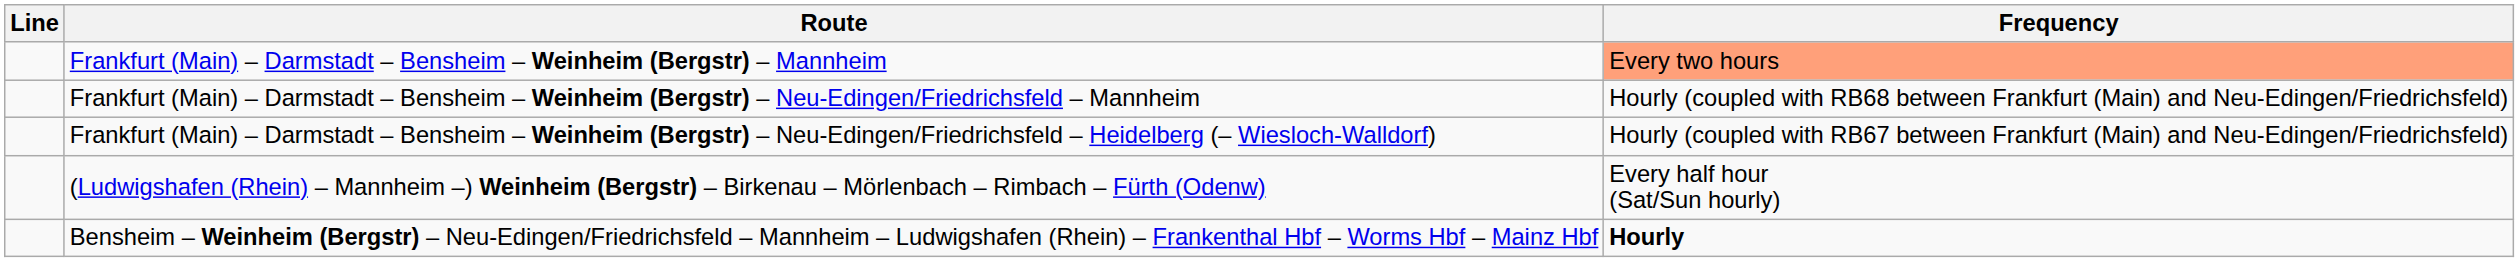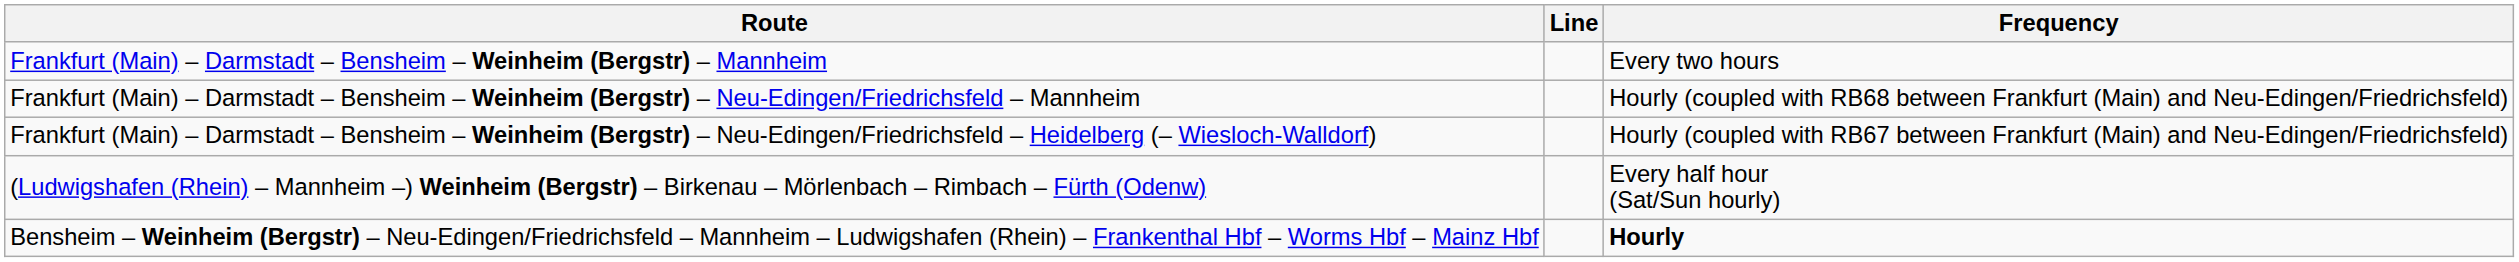 <table class="wikitable">
 <tr>
+<th>Route</th>
 <th>Line</th>
-<th>Route</th>
 <th>Frequency</th>
 </tr>
 <tr>
+<td><a href='#'>Frankfurt (Main)</a> – <a href='#'>Darmstadt</a> – <a href='#'>Bensheim</a> – <strong>Weinheim (Bergstr)</strong> – <a href='#'>Mannheim</a></td>
 <td></td>
-<td><a href='#'>Frankfurt (Main)</a> – <a href='#'>Darmstadt</a> – <a href='#'>Bensheim</a> – <strong>Weinheim (Bergstr)</strong> – <a href='#'>Mannheim</a></td>
-<td style="background: lightsalmon;">Every two hours</td>
+<td>Every two hours</td>
 </tr>
 <tr>
+<td>Frankfurt (Main) – Darmstadt – Bensheim – <strong>Weinheim (Bergstr)</strong> – <a href='#'>Neu-Edingen/Friedrichsfeld</a> – Mannheim</td>
 <td></td>
-<td>Frankfurt (Main) – Darmstadt – Bensheim – <strong>Weinheim (Bergstr)</strong> – <a href='#'>Neu-Edingen/Friedrichsfeld</a> – Mannheim</td>
 <td>Hourly (coupled with RB68 between Frankfurt (Main) and Neu-Edingen/Friedrichsfeld)</td>
 </tr>
 <tr>
+<td>Frankfurt (Main) – Darmstadt – Bensheim – <strong>Weinheim (Bergstr)</strong> – Neu-Edingen/Friedrichsfeld – <a href='#'>Heidelberg</a> (– <a href='#'>Wiesloch-Walldorf</a>)</td>
 <td></td>
-<td>Frankfurt (Main) – Darmstadt – Bensheim – <strong>Weinheim (Bergstr)</strong> – Neu-Edingen/Friedrichsfeld – <a href='#'>Heidelberg</a> (– <a href='#'>Wiesloch-Walldorf</a>)</td>
 <td>Hourly (coupled with RB67 between Frankfurt (Main) and Neu-Edingen/Friedrichsfeld)</td>
 </tr>
 <tr>
+<td>(<a href='#'>Ludwigshafen (Rhein)</a> – Mannheim –) <strong>Weinheim (Bergstr)</strong> – Birkenau – Mörlenbach – Rimbach – <a href='#'>Fürth (Odenw)</a></td>
 <td></td>
-<td>(<a href='#'>Ludwigshafen (Rhein)</a> – Mannheim –) <strong>Weinheim (Bergstr)</strong> – Birkenau – Mörlenbach – Rimbach – <a href='#'>Fürth (Odenw)</a></td>
 <td>Every half hour<br>(Sat/Sun hourly)</td>
 </tr>
 <tr>
+<td>Bensheim – <strong>Weinheim (Bergstr)</strong> – Neu-Edingen/Friedrichsfeld – Mannheim – Ludwigshafen (Rhein) – <a href='#'>Frankenthal Hbf</a> – <a href='#'>Worms Hbf</a> – <a href='#'>Mainz Hbf</a></td>
 <td></td>
-<td>Bensheim – <strong>Weinheim (Bergstr)</strong> – Neu-Edingen/Friedrichsfeld – Mannheim – Ludwigshafen (Rhein) – <a href='#'>Frankenthal Hbf</a> – <a href='#'>Worms Hbf</a> – <a href='#'>Mainz Hbf</a></td>
 <td><strong>Hourly</strong></td>
 </tr>
 </table>
